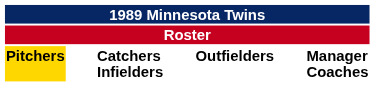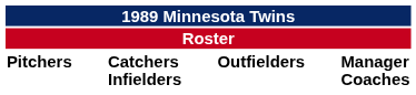 <table class="toccolours" style="font-size: 95%;">
 <tr>
 <th colspan="10" style="background-color: #072764; color: #FFFFFF; text-align: center;">1989 Minnesota Twins</th>
 </tr>
 <tr>
 <td colspan="10" style="background-color: #c6011f; color: white; text-align: center;"><strong>Roster</strong></td>
 </tr>
 <tr>
-<td valign="top" style="background: gold;"><strong>Pitchers</strong><br>                    </td>
+<td valign="top"><strong>Pitchers</strong><br>                    </td>
 <td width="25px"></td>
 <td valign="top"><strong>Catchers</strong><br>     <strong>Infielders</strong>           </td>
 <td width="25px"></td>
 <td valign="top"><strong>Outfielders</strong><br>     </td>
 <td width="25px"></td>
 <td valign="top"><strong>Manager</strong><br> <strong>Coaches</strong>     </td>
 </tr>
 <tr>
 </tr>
 </table>
